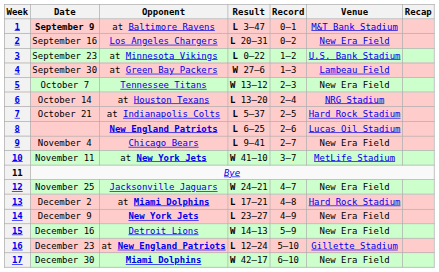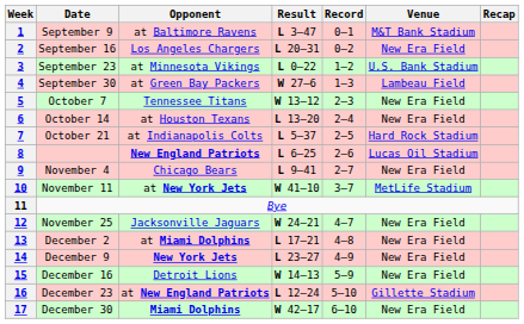 <table class="wikitable" style="text-align:center">
 <tr>
 <th>Week</th>
 <th>Date</th>
 <th>Opponent</th>
 <th>Result</th>
 <th>Record</th>
 <th>Venue</th>
 <th>Recap</th>
 </tr>
 <tr style="background:#fcc">
 <th><a href='#'>1</a></th>
-<td><strong>September 9</strong></td>
+<td>September 9</td>
 <td>at <a href='#'>Baltimore Ravens</a></td>
 <td><strong>L</strong> 3–47</td>
 <td>0–1</td>
 <td><a href='#'>M&T Bank Stadium</a></td>
 <td></td>
 </tr>
 <tr style="background:#fcc">
 <th><a href='#'>2</a></th>
 <td>September 16</td>
 <td><a href='#'>Los Angeles Chargers</a></td>
 <td><strong>L</strong> 20–31</td>
 <td>0–2</td>
 <td><a href='#'>New Era Field</a></td>
 <td></td>
 </tr>
 <tr style="background:#cfc">
 <th><a href='#'>3</a></th>
 <td>September 23</td>
 <td>at <a href='#'>Minnesota Vikings</a></td>
 <td><strong>L</strong> 0–22</td>
 <td>1–2</td>
 <td><a href='#'>U.S. Bank Stadium</a></td>
 <td></td>
 </tr>
 <tr style="background:#fcc">
 <th><a href='#'>4</a></th>
 <td>September 30</td>
 <td>at <a href='#'>Green Bay Packers</a></td>
 <td><strong>W</strong> 27–6</td>
 <td>1–3</td>
 <td><a href='#'>Lambeau Field</a></td>
 <td></td>
 </tr>
 <tr style="background:#cfc">
 <th><a href='#'>5</a></th>
 <td>October 7</td>
 <td><a href='#'>Tennessee Titans</a></td>
 <td><strong>W</strong> 13–12</td>
 <td>2–3</td>
 <td>New Era Field</td>
 <td></td>
 </tr>
 <tr style="background:#fcc">
 <th><a href='#'>6</a></th>
 <td>October 14</td>
 <td>at <a href='#'>Houston Texans</a></td>
 <td><strong>L</strong> 13–20</td>
 <td>2–4</td>
-<td><a href='#'>NRG Stadium</a></td>
+<td>New Era Field</td>
 <td></td>
 </tr>
 <tr style="background:#fcc">
 <th><a href='#'>7</a></th>
 <td>October 21</td>
 <td>at <a href='#'>Indianapolis Colts</a></td>
 <td><strong>L</strong> 5–37</td>
 <td>2–5</td>
 <td><a href='#'>Hard Rock Stadium</a></td>
 <td></td>
 </tr>
 <tr style="background:#fcc">
 <th><a href='#'>8</a></th>
 <td></td>
 <td><strong><a href='#'>New England Patriots</a></strong></td>
 <td><strong>L</strong> 6–25</td>
 <td>2–6</td>
 <td><a href='#'>Lucas Oil Stadium</a></td>
 <td></td>
 </tr>
 <tr style="background:#fcc">
 <th><a href='#'>9</a></th>
 <td>November 4</td>
 <td><a href='#'>Chicago Bears</a></td>
 <td><strong>L</strong> 9–41</td>
 <td>2–7</td>
 <td>New Era Field</td>
 <td></td>
 </tr>
 <tr style="background:#cfc">
 <th><a href='#'>10</a></th>
 <td>November 11</td>
 <td>at <strong><a href='#'>New York Jets</a></strong></td>
 <td><strong>W</strong> 41–10</td>
 <td>3–7</td>
 <td><a href='#'>MetLife Stadium</a></td>
 <td></td>
 </tr>
 <tr>
 <th>11</th>
 <td colspan=6><em><a href='#'>Bye</a></em></td>
 </tr>
 <tr style="background:#cfc">
 <th><a href='#'>12</a></th>
 <td>November 25</td>
 <td><a href='#'>Jacksonville Jaguars</a></td>
 <td><strong>W</strong> 24–21</td>
 <td>4–7</td>
 <td>New Era Field</td>
 <td></td>
 </tr>
 <tr style="background:#fcc">
 <th><a href='#'>13</a></th>
 <td>December 2</td>
 <td>at <strong><a href='#'>Miami Dolphins</a></strong></td>
 <td><strong>L</strong> 17–21</td>
 <td>4–8</td>
-<td><a href='#'>Hard Rock Stadium</a></td>
+<td>New Era Field</td>
 <td></td>
 </tr>
 <tr style="background:#fcc">
 <th><a href='#'>14</a></th>
 <td>December 9</td>
 <td><strong><a href='#'>New York Jets</a></strong></td>
 <td><strong>L</strong> 23–27</td>
 <td>4–9</td>
 <td>New Era Field</td>
 <td></td>
 </tr>
 <tr style="background:#cfc">
 <th><a href='#'>15</a></th>
 <td>December 16</td>
 <td><a href='#'>Detroit Lions</a></td>
 <td><strong>W</strong> 14–13</td>
 <td>5–9</td>
 <td>New Era Field</td>
 <td></td>
 </tr>
 <tr style="background:#fcc">
 <th><a href='#'>16</a></th>
 <td>December 23</td>
 <td>at <strong><a href='#'>New England Patriots</a></strong></td>
 <td><strong>L</strong> 12–24</td>
 <td>5–10</td>
 <td><a href='#'>Gillette Stadium</a></td>
 <td></td>
 </tr>
 <tr style="background:#cfc">
 <th><a href='#'>17</a></th>
 <td>December 30</td>
 <td><strong><a href='#'>Miami Dolphins</a></strong></td>
 <td><strong>W</strong> 42–17</td>
 <td>6–10</td>
 <td>New Era Field</td>
 <td></td>
 </tr>
 </table>
